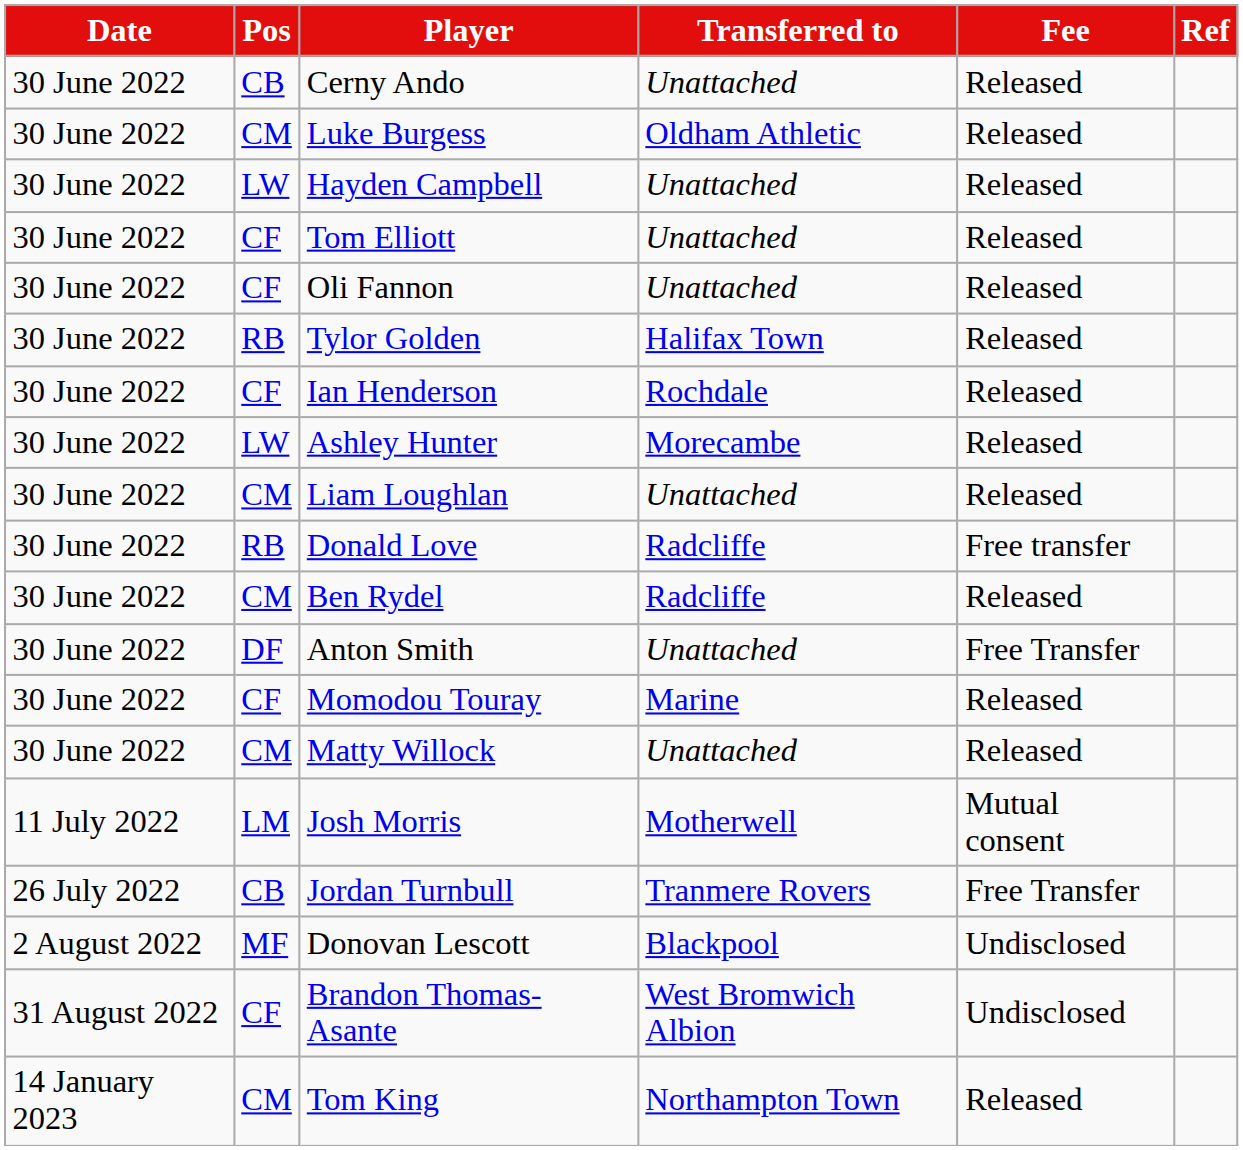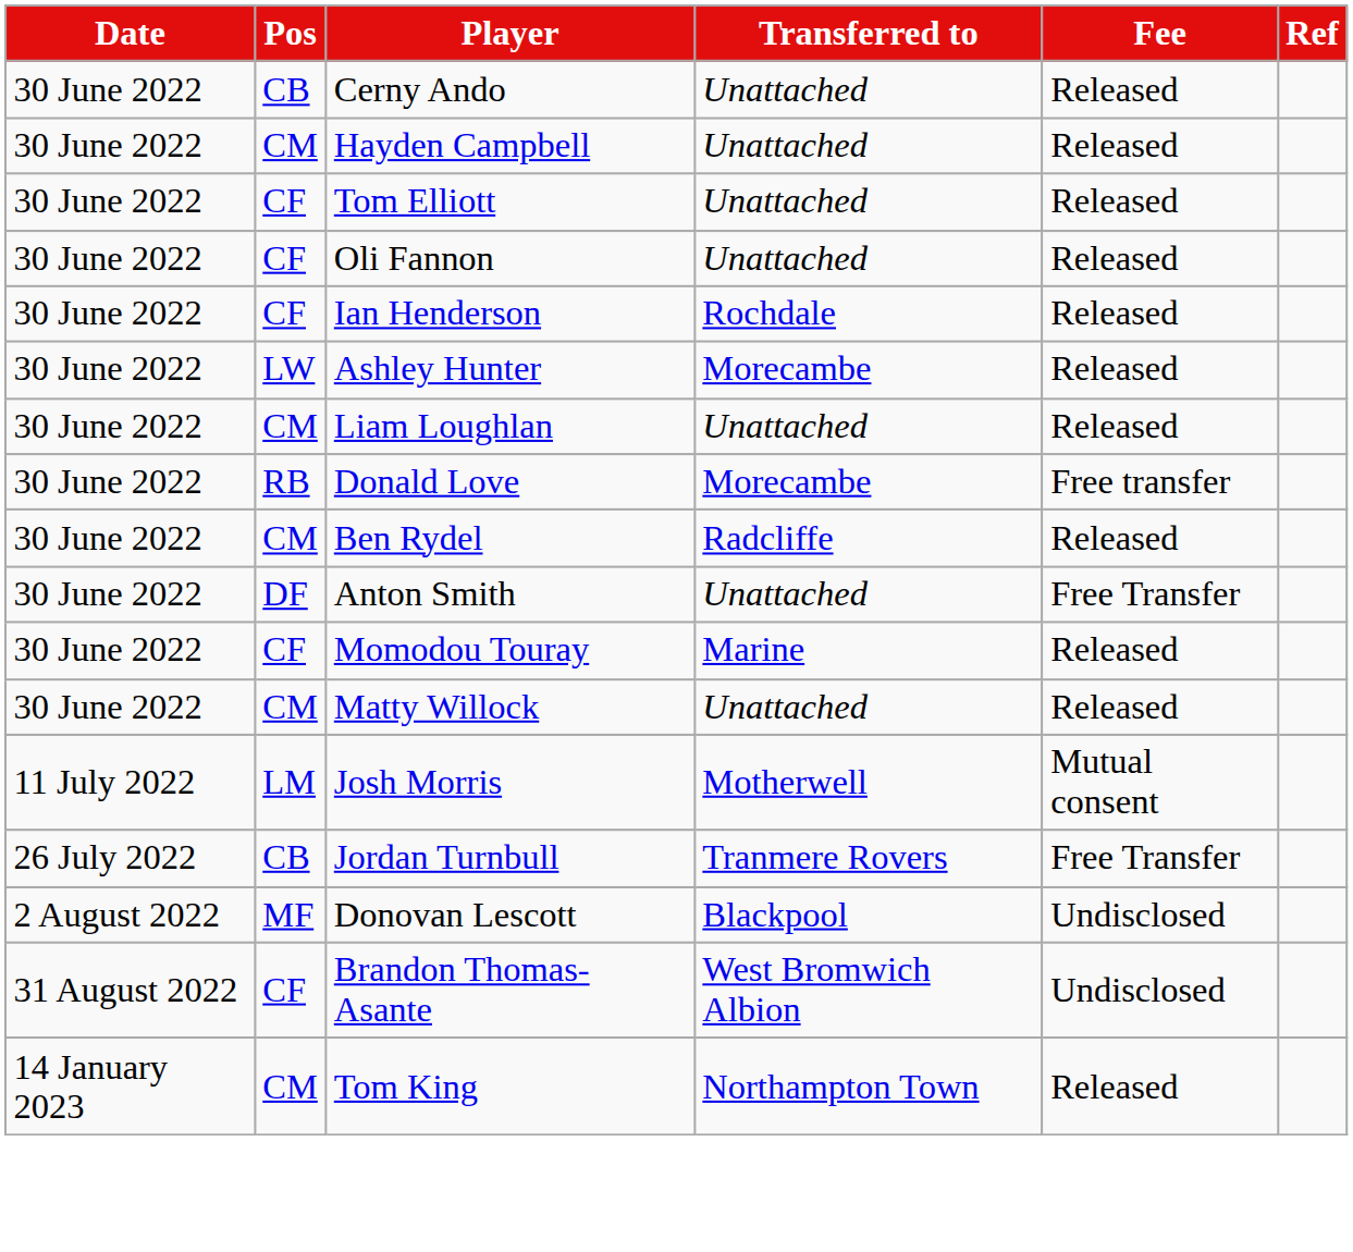 <table class="wikitable plainrowheaders sortable">
 <tr>
 <th style="background:#e20e0e; color:#FFFFFF; ">Date</th>
 <th style="background:#e20e0e; color:#FFFFFF; ">Pos</th>
 <th style="background:#e20e0e; color:#FFFFFF; ">Player</th>
 <th style="background:#e20e0e; color:#FFFFFF; ">Transferred to</th>
 <th style="background:#e20e0e; color:#FFFFFF; ">Fee</th>
 <th style="background:#e20e0e; color:#FFFFFF; ">Ref</th>
 </tr>
 <tr>
 <td>30 June 2022</td>
 <td><a href='#'>CB</a></td>
 <td> Cerny Ando</td>
 <td> <em>Unattached</em></td>
 <td>Released</td>
 <td></td>
 </tr>
 <tr>
 <td>30 June 2022</td>
 <td><a href='#'>CM</a></td>
-<td> <a href='#'>Luke Burgess</a></td>
-<td> <a href='#'>Oldham Athletic</a></td>
-<td>Released</td>
-<td></td>
-</tr>
-<tr>
-<td>30 June 2022</td>
-<td><a href='#'>LW</a></td>
 <td> <a href='#'>Hayden Campbell</a></td>
 <td> <em>Unattached</em></td>
 <td>Released</td>
 <td></td>
 </tr>
 <tr>
 <td>30 June 2022</td>
 <td><a href='#'>CF</a></td>
 <td> <a href='#'>Tom Elliott</a></td>
 <td> <em>Unattached</em></td>
 <td>Released</td>
 <td></td>
 </tr>
 <tr>
 <td>30 June 2022</td>
 <td><a href='#'>CF</a></td>
 <td> Oli Fannon</td>
 <td> <em>Unattached</em></td>
-<td>Released</td>
-<td></td>
-</tr>
-<tr>
-<td>30 June 2022</td>
-<td><a href='#'>RB</a></td>
-<td> <a href='#'>Tylor Golden</a></td>
-<td> <a href='#'>Halifax Town</a></td>
 <td>Released</td>
 <td></td>
 </tr>
 <tr>
 <td>30 June 2022</td>
 <td><a href='#'>CF</a></td>
 <td> <a href='#'>Ian Henderson</a></td>
 <td> <a href='#'>Rochdale</a></td>
 <td>Released</td>
 <td></td>
 </tr>
 <tr>
 <td>30 June 2022</td>
 <td><a href='#'>LW</a></td>
 <td> <a href='#'>Ashley Hunter</a></td>
 <td> <a href='#'>Morecambe</a></td>
 <td>Released</td>
 <td></td>
 </tr>
 <tr>
 <td>30 June 2022</td>
 <td><a href='#'>CM</a></td>
 <td> <a href='#'>Liam Loughlan</a></td>
 <td> <em>Unattached</em></td>
 <td>Released</td>
 <td></td>
 </tr>
 <tr>
 <td>30 June 2022</td>
 <td><a href='#'>RB</a></td>
 <td> <a href='#'>Donald Love</a></td>
-<td> <a href='#'>Radcliffe</a></td>
+<td> <a href='#'>Morecambe</a></td>
 <td>Free transfer</td>
 <td></td>
 </tr>
 <tr>
 <td>30 June 2022</td>
 <td><a href='#'>CM</a></td>
 <td> <a href='#'>Ben Rydel</a></td>
 <td> <a href='#'>Radcliffe</a></td>
 <td>Released</td>
 <td></td>
 </tr>
 <tr>
 <td>30 June 2022</td>
 <td><a href='#'>DF</a></td>
 <td> Anton Smith</td>
 <td> <em>Unattached</em></td>
 <td>Free Transfer</td>
 <td></td>
 </tr>
 <tr>
 <td>30 June 2022</td>
 <td><a href='#'>CF</a></td>
 <td> <a href='#'>Momodou Touray</a></td>
 <td> <a href='#'>Marine</a></td>
 <td>Released</td>
 <td></td>
 </tr>
 <tr>
 <td>30 June 2022</td>
 <td><a href='#'>CM</a></td>
 <td> <a href='#'>Matty Willock</a></td>
 <td> <em>Unattached</em></td>
 <td>Released</td>
 <td></td>
 </tr>
 <tr>
 <td>11 July 2022</td>
 <td><a href='#'>LM</a></td>
 <td> <a href='#'>Josh Morris</a></td>
 <td> <a href='#'>Motherwell</a></td>
 <td>Mutual consent</td>
 <td></td>
 </tr>
 <tr>
 <td>26 July 2022</td>
 <td><a href='#'>CB</a></td>
 <td> <a href='#'>Jordan Turnbull</a></td>
 <td> <a href='#'>Tranmere Rovers</a></td>
 <td>Free Transfer</td>
 <td></td>
 </tr>
 <tr>
 <td>2 August 2022</td>
 <td><a href='#'>MF</a></td>
 <td> Donovan Lescott</td>
 <td> <a href='#'>Blackpool</a></td>
 <td>Undisclosed</td>
 <td></td>
 </tr>
 <tr>
 <td>31 August 2022</td>
 <td><a href='#'>CF</a></td>
 <td> <a href='#'>Brandon Thomas-Asante</a></td>
 <td> <a href='#'>West Bromwich Albion</a></td>
 <td>Undisclosed</td>
 <td></td>
 </tr>
 <tr>
 <td>14 January 2023</td>
 <td><a href='#'>CM</a></td>
 <td> <a href='#'>Tom King</a></td>
 <td> <a href='#'>Northampton Town</a></td>
 <td>Released</td>
 <td></td>
 </tr>
 </table>
